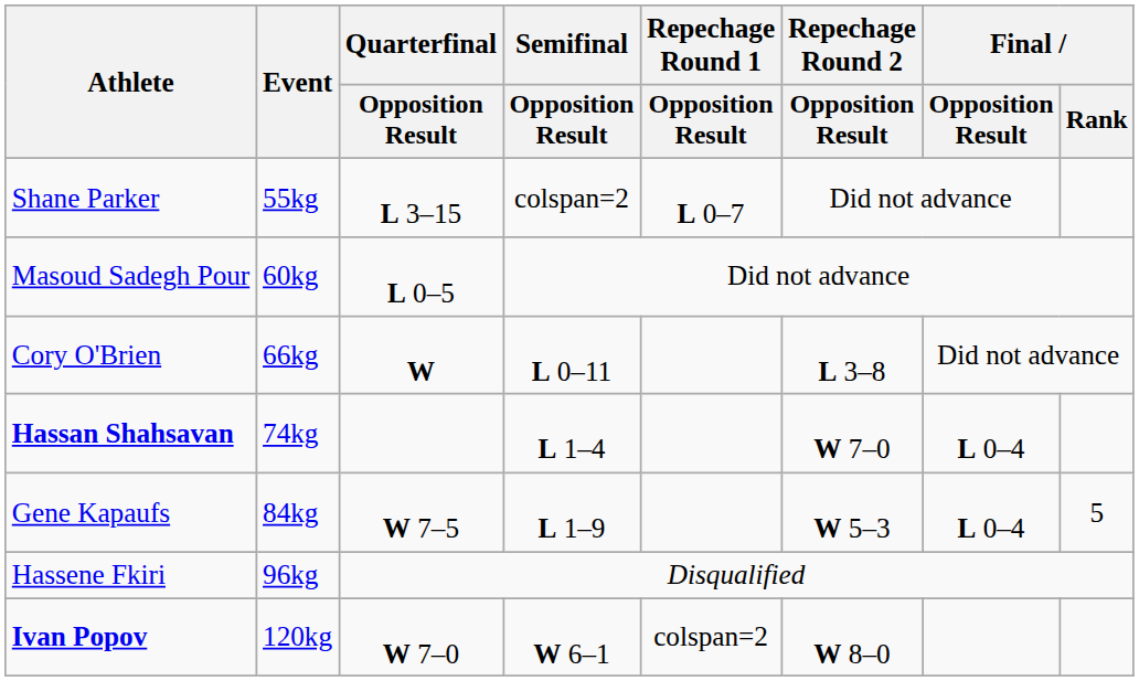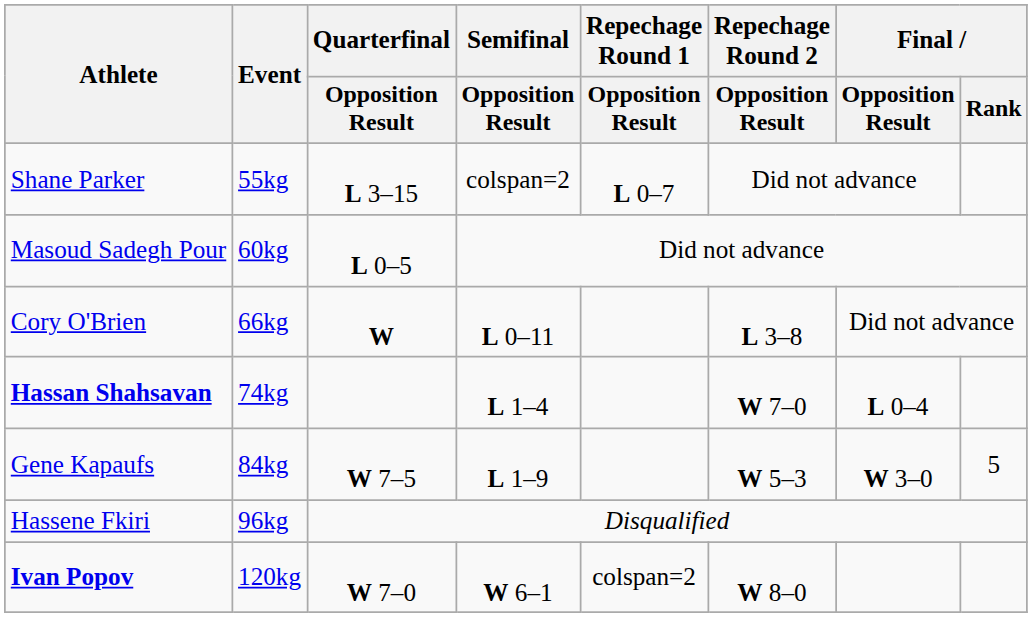 <table class="wikitable" style="font-size:90%">
 <tr>
 <th rowspan="2">Athlete</th>
 <th rowspan="2">Event</th>
 <th>Quarterfinal</th>
 <th>Semifinal</th>
 <th>Repechage<br>Round 1</th>
 <th>Repechage<br>Round 2</th>
 <th colspan=2>Final / </th>
 </tr>
 <tr style="font-size: 95%">
 <th>Opposition<br>Result</th>
 <th>Opposition<br>Result</th>
 <th>Opposition<br>Result</th>
 <th>Opposition<br>Result</th>
 <th>Opposition<br>Result</th>
 <th>Rank</th>
 </tr>
 <tr align=center>
 <td align=left><a href='#'>Shane Parker</a></td>
 <td align=left><a href='#'>55kg</a></td>
 <td><br><strong>L</strong> 3–15</td>
 <td>colspan=2 </td>
 <td><br><strong>L</strong> 0–7</td>
 <td colspan=2>Did not advance</td>
 </tr>
 <tr align=center>
 <td align=left><a href='#'>Masoud Sadegh Pour</a></td>
 <td align=left><a href='#'>60kg</a></td>
 <td><br><strong>L</strong> 0–5</td>
 <td colspan=5>Did not advance</td>
 </tr>
 <tr align=center>
 <td align=left><a href='#'>Cory O'Brien</a></td>
 <td align=left><a href='#'>66kg</a></td>
 <td><br><strong>W</strong></td>
 <td><br><strong>L</strong> 0–11</td>
 <td></td>
 <td><br><strong>L</strong> 3–8</td>
 <td colspan=2>Did not advance</td>
 </tr>
 <tr align=center>
 <td align=left><strong><a href='#'>Hassan Shahsavan</a></strong></td>
 <td align=left><a href='#'>74kg</a></td>
 <td></td>
 <td><br><strong>L</strong> 1–4</td>
 <td></td>
 <td><br><strong>W</strong> 7–0</td>
 <td><br><strong>L</strong> 0–4</td>
 <td></td>
 </tr>
 <tr align=center>
 <td align=left><a href='#'>Gene Kapaufs</a></td>
 <td align=left><a href='#'>84kg</a></td>
 <td><br><strong>W</strong> 7–5</td>
 <td><br><strong>L</strong> 1–9</td>
 <td></td>
 <td><br><strong>W</strong> 5–3</td>
-<td><br><strong>L</strong> 0–4</td>
+<td><br><strong>W</strong> 3–0</td>
 <td>5</td>
 </tr>
 <tr align=center>
 <td align=left><a href='#'>Hassene Fkiri</a></td>
 <td align=left><a href='#'>96kg</a></td>
 <td colspan=6><em>Disqualified</em></td>
 </tr>
 <tr align=center>
 <td align=left><strong><a href='#'>Ivan Popov</a></strong></td>
 <td align=left><a href='#'>120kg</a></td>
 <td><br><strong>W</strong> 7–0</td>
 <td><br><strong>W</strong> 6–1</td>
 <td>colspan=2 </td>
 <td><br><strong>W</strong> 8–0</td>
 <td></td>
 </tr>
 </table>
